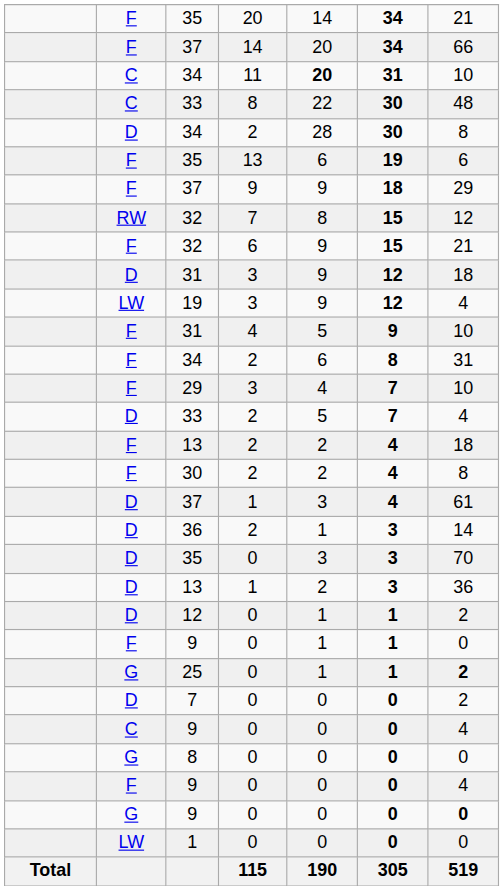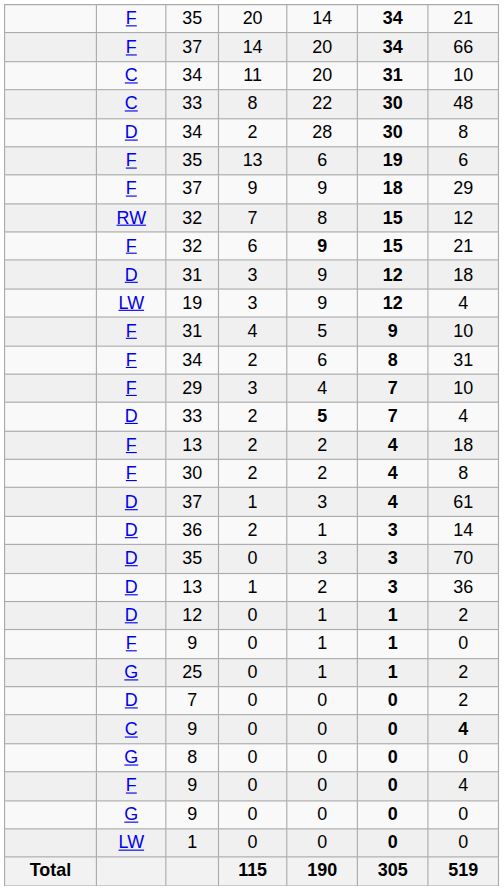 <table class="wikitable sortable" width ="50%">
 <tr align="center">
 </tr>
 <tr align="center" bgcolor="">
 <td></td>
 <td><a href='#'>F</a></td>
 <td>35</td>
 <td>20</td>
 <td>14</td>
 <td><strong>34</strong></td>
 <td>21</td>
 </tr>
 <tr align="center" bgcolor="f0f0f0">
 <td></td>
 <td><a href='#'>F</a></td>
 <td>37</td>
 <td>14</td>
 <td>20</td>
 <td><strong>34</strong></td>
 <td>66</td>
 </tr>
 <tr align="center" bgcolor="">
 <td></td>
 <td><a href='#'>C</a></td>
 <td>34</td>
 <td>11</td>
-<td><strong>20</strong></td>
+<td>20</td>
 <td><strong>31</strong></td>
 <td>10</td>
 </tr>
 <tr align="center" bgcolor="f0f0f0">
 <td></td>
 <td><a href='#'>C</a></td>
 <td>33</td>
 <td>8</td>
 <td>22</td>
 <td><strong>30</strong></td>
 <td>48</td>
 </tr>
 <tr align="center" bgcolor="">
 <td></td>
 <td><a href='#'>D</a></td>
 <td>34</td>
 <td>2</td>
 <td>28</td>
 <td><strong>30</strong></td>
 <td>8</td>
 </tr>
 <tr align="center" bgcolor="f0f0f0">
 <td></td>
 <td><a href='#'>F</a></td>
 <td>35</td>
 <td>13</td>
 <td>6</td>
 <td><strong>19</strong></td>
 <td>6</td>
 </tr>
 <tr align="center" bgcolor="">
 <td></td>
 <td><a href='#'>F</a></td>
 <td>37</td>
 <td>9</td>
 <td>9</td>
 <td><strong>18</strong></td>
 <td>29</td>
 </tr>
 <tr align="center" bgcolor="f0f0f0">
 <td></td>
 <td><a href='#'>RW</a></td>
 <td>32</td>
 <td>7</td>
 <td>8</td>
 <td><strong>15</strong></td>
 <td>12</td>
 </tr>
 <tr align="center" bgcolor="">
 <td></td>
 <td><a href='#'>F</a></td>
 <td>32</td>
 <td>6</td>
-<td>9</td>
+<td><strong>9</strong></td>
 <td><strong>15</strong></td>
 <td>21</td>
 </tr>
 <tr align="center" bgcolor="f0f0f0">
 <td></td>
 <td><a href='#'>D</a></td>
 <td>31</td>
 <td>3</td>
 <td>9</td>
 <td><strong>12</strong></td>
 <td>18</td>
 </tr>
 <tr align="center" bgcolor="">
 <td></td>
 <td><a href='#'>LW</a></td>
 <td>19</td>
 <td>3</td>
 <td>9</td>
 <td><strong>12</strong></td>
 <td>4</td>
 </tr>
 <tr align="center" bgcolor="f0f0f0">
 <td></td>
 <td><a href='#'>F</a></td>
 <td>31</td>
 <td>4</td>
 <td>5</td>
 <td><strong>9</strong></td>
 <td>10</td>
 </tr>
 <tr align="center" bgcolor="">
 <td></td>
 <td><a href='#'>F</a></td>
 <td>34</td>
 <td>2</td>
 <td>6</td>
 <td><strong>8</strong></td>
 <td>31</td>
 </tr>
 <tr align="center" bgcolor="f0f0f0">
 <td></td>
 <td><a href='#'>F</a></td>
 <td>29</td>
 <td>3</td>
 <td>4</td>
 <td><strong>7</strong></td>
 <td>10</td>
 </tr>
 <tr align="center" bgcolor="">
 <td></td>
 <td><a href='#'>D</a></td>
 <td>33</td>
 <td>2</td>
-<td>5</td>
+<td><strong>5</strong></td>
 <td><strong>7</strong></td>
 <td>4</td>
 </tr>
 <tr align="center" bgcolor="f0f0f0">
 <td></td>
 <td><a href='#'>F</a></td>
 <td>13</td>
 <td>2</td>
 <td>2</td>
 <td><strong>4</strong></td>
 <td>18</td>
 </tr>
 <tr align="center" bgcolor="">
 <td></td>
 <td><a href='#'>F</a></td>
 <td>30</td>
 <td>2</td>
 <td>2</td>
 <td><strong>4</strong></td>
 <td>8</td>
 </tr>
 <tr align="center" bgcolor="f0f0f0">
 <td></td>
 <td><a href='#'>D</a></td>
 <td>37</td>
 <td>1</td>
 <td>3</td>
 <td><strong>4</strong></td>
 <td>61</td>
 </tr>
 <tr align="center" bgcolor="">
 <td></td>
 <td><a href='#'>D</a></td>
 <td>36</td>
 <td>2</td>
 <td>1</td>
 <td><strong>3</strong></td>
 <td>14</td>
 </tr>
 <tr align="center" bgcolor="f0f0f0">
 <td></td>
 <td><a href='#'>D</a></td>
 <td>35</td>
 <td>0</td>
 <td>3</td>
 <td><strong>3</strong></td>
 <td>70</td>
 </tr>
 <tr align="center" bgcolor="">
 <td></td>
 <td><a href='#'>D</a></td>
 <td>13</td>
 <td>1</td>
 <td>2</td>
 <td><strong>3</strong></td>
 <td>36</td>
 </tr>
 <tr align="center" bgcolor="f0f0f0">
 <td></td>
 <td><a href='#'>D</a></td>
 <td>12</td>
 <td>0</td>
 <td>1</td>
 <td><strong>1</strong></td>
 <td>2</td>
 </tr>
 <tr align="center" bgcolor="">
 <td></td>
 <td><a href='#'>F</a></td>
 <td>9</td>
 <td>0</td>
 <td>1</td>
 <td><strong>1</strong></td>
 <td>0</td>
 </tr>
 <tr align="center" bgcolor="f0f0f0">
 <td></td>
 <td><a href='#'>G</a></td>
 <td>25</td>
 <td>0</td>
 <td>1</td>
 <td><strong>1</strong></td>
-<td><strong>2</strong></td>
+<td>2</td>
 </tr>
 <tr align="center" bgcolor="">
 <td></td>
 <td><a href='#'>D</a></td>
 <td>7</td>
 <td>0</td>
 <td>0</td>
 <td><strong>0</strong></td>
 <td>2</td>
 </tr>
 <tr align="center" bgcolor="f0f0f0">
 <td></td>
 <td><a href='#'>C</a></td>
 <td>9</td>
 <td>0</td>
 <td>0</td>
 <td><strong>0</strong></td>
-<td>4</td>
+<td><strong>4</strong></td>
 </tr>
 <tr align="center" bgcolor="">
 <td></td>
 <td><a href='#'>G</a></td>
 <td>8</td>
 <td>0</td>
 <td>0</td>
 <td><strong>0</strong></td>
 <td>0</td>
 </tr>
 <tr align="center" bgcolor="f0f0f0">
 <td></td>
 <td><a href='#'>F</a></td>
 <td>9</td>
 <td>0</td>
 <td>0</td>
 <td><strong>0</strong></td>
 <td>4</td>
 </tr>
 <tr align="center" bgcolor="">
 <td></td>
 <td><a href='#'>G</a></td>
 <td>9</td>
 <td>0</td>
 <td>0</td>
 <td><strong>0</strong></td>
-<td><strong>0</strong></td>
+<td>0</td>
 </tr>
 <tr align="center" bgcolor="f0f0f0">
 <td></td>
 <td><a href='#'>LW</a></td>
 <td>1</td>
 <td>0</td>
 <td>0</td>
 <td><strong>0</strong></td>
 <td>0</td>
 </tr>
 <tr>
 <th>Total</th>
 <th></th>
 <th></th>
 <th>115</th>
 <th>190</th>
 <th>305</th>
 <th>519</th>
 </tr>
 </table>
